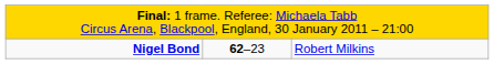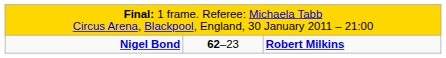 <table class="wikitable" style="font-size: 95%; margin: 1em auto 1em auto;">
 <tr>
 <td colspan="3" align="center" bgcolor="#ffd700"><strong>Final:</strong> 1 frame. Referee: <a href='#'>Michaela Tabb</a><br> <a href='#'>Circus Arena</a>, <a href='#'>Blackpool</a>, England, 30 January 2011 – 21:00</td>
 </tr>
 <tr>
 <td width="230" align="right"><strong><a href='#'>Nigel Bond</a></strong><br></td>
 <td width="100" align="center"><strong>62</strong>–23</td>
-<td width="230"><a href='#'>Robert Milkins</a><br></td>
+<td width="230"><strong><a href='#'>Robert Milkins</a><br></strong></td>
 </tr>
 </table>
